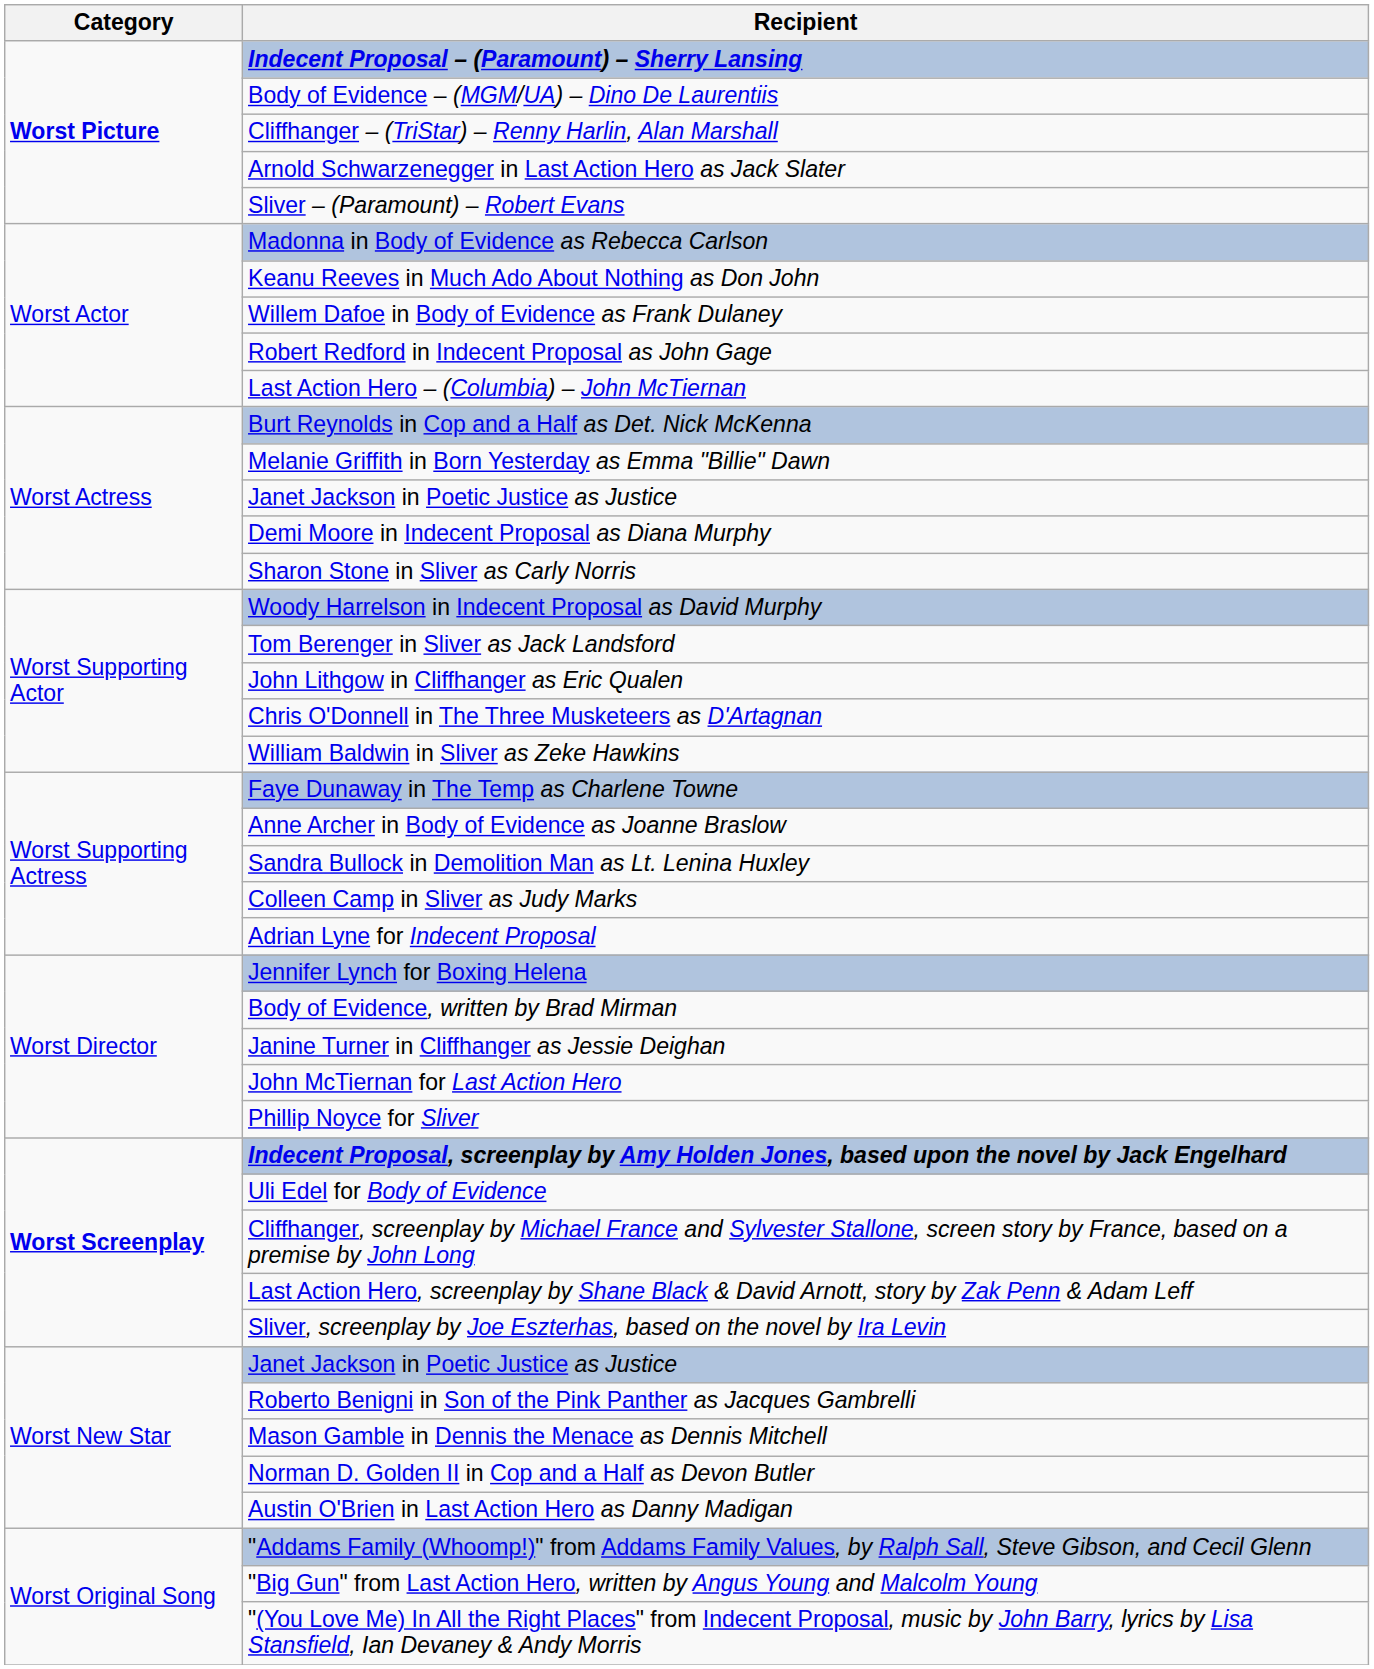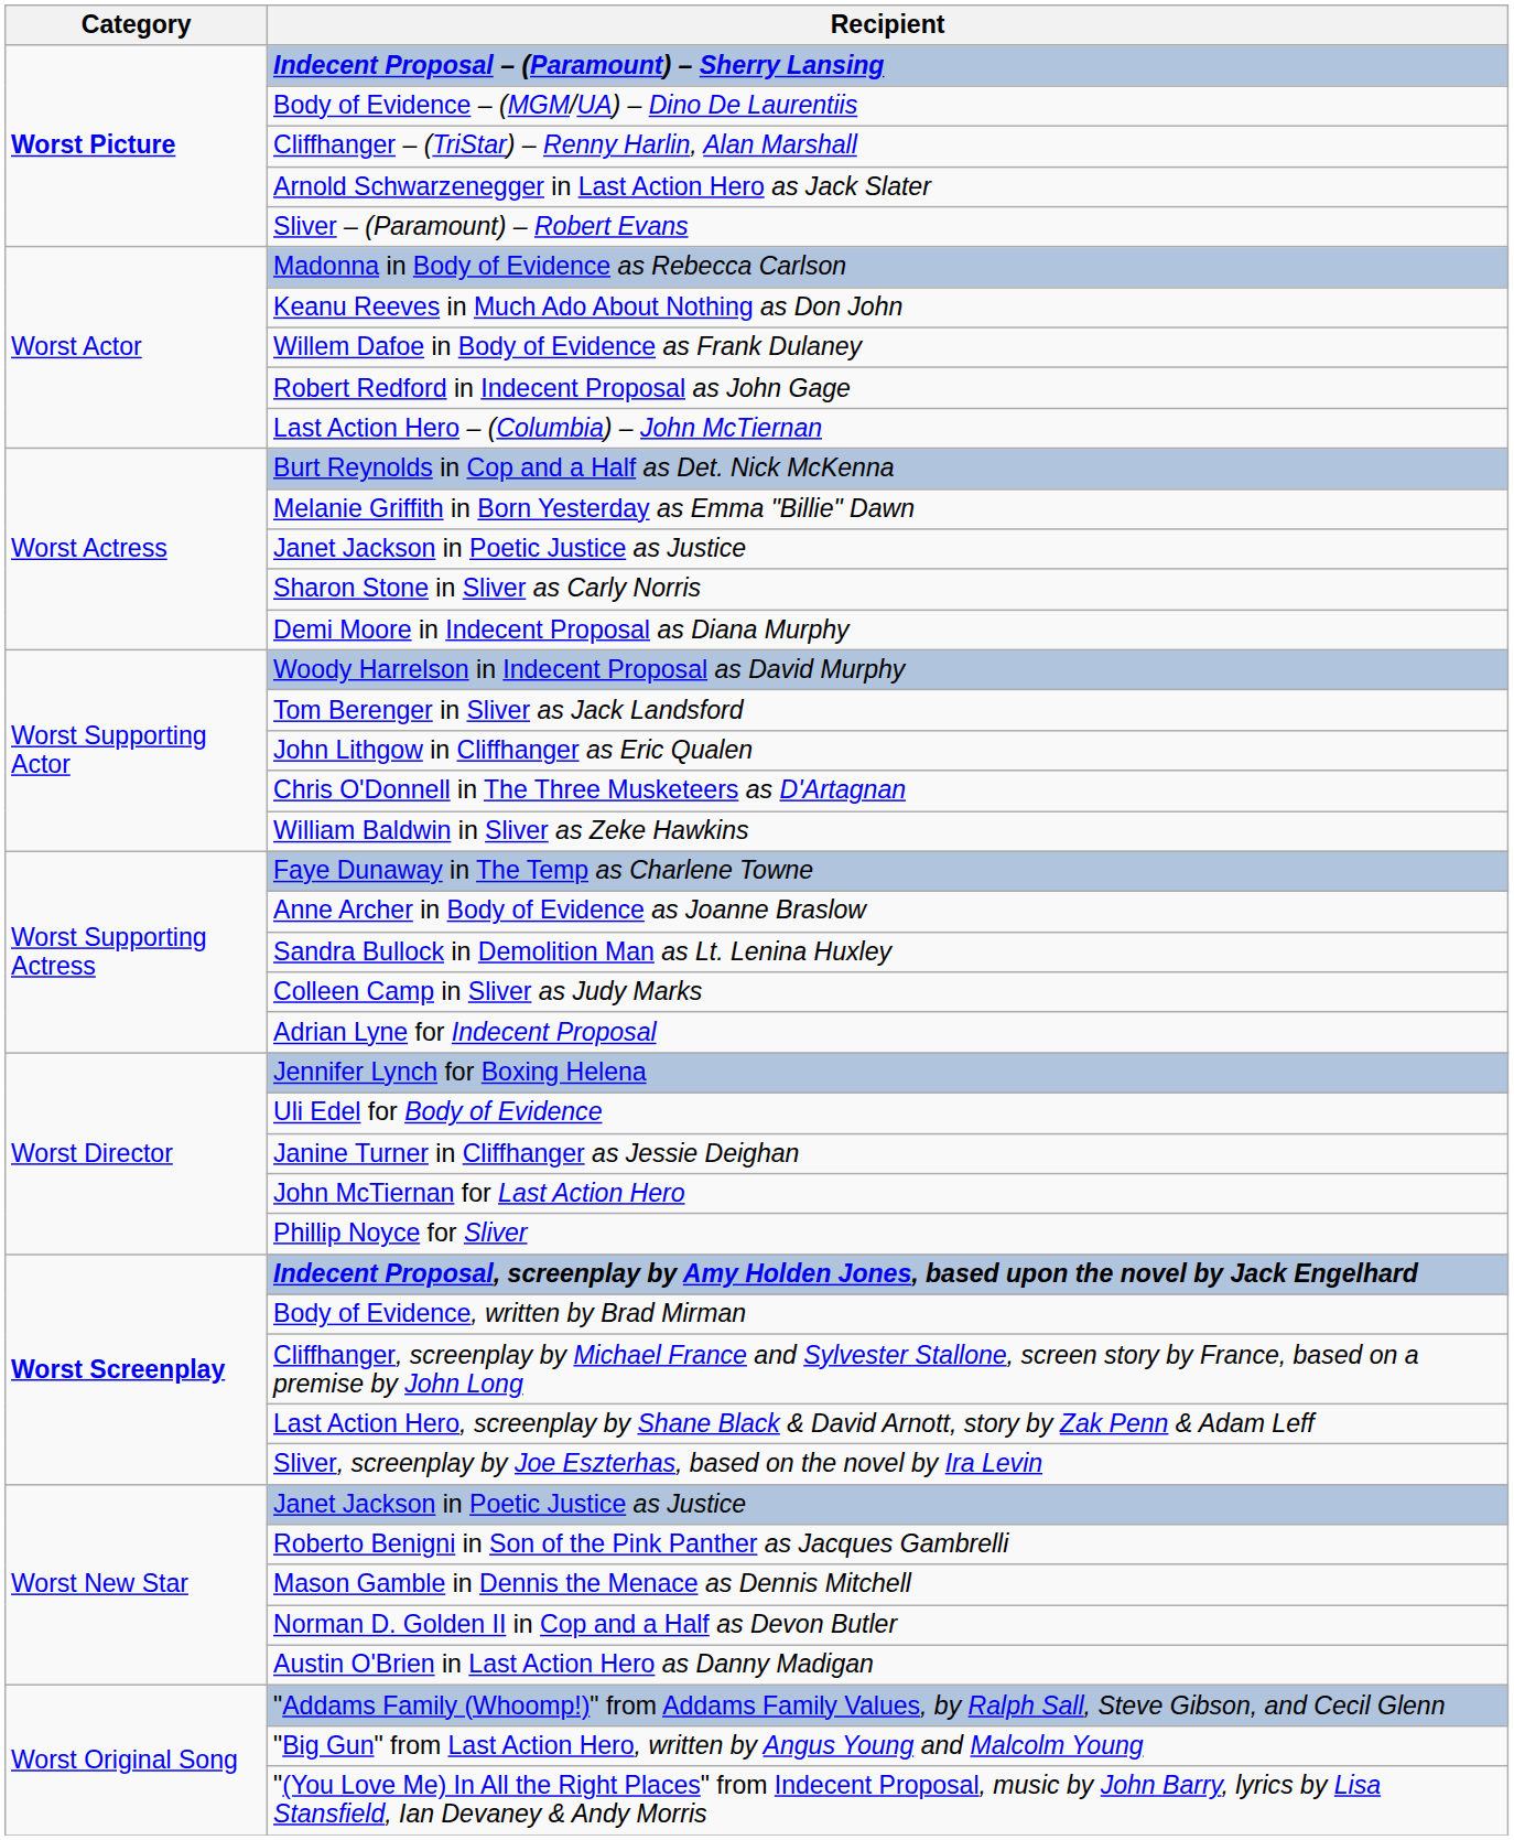 <table class="wikitable" width="75%" align="centre">
 <tr>
 <th>Category</th>
 <th>Recipient</th>
 </tr>
 <tr>
 <td rowspan=5><strong><a href='#'>Worst Picture</a></strong></td>
 <td style="background:#B0C4DE;"><strong><em><a href='#'>Indecent Proposal</a><em> – (<a href='#'>Paramount</a>) – <a href='#'>Sherry Lansing</a><strong></td>
 </tr>
 <tr>
 <td></em><a href='#'>Body of Evidence</a><em> – (<a href='#'>MGM</a>/<a href='#'>UA</a>) – <a href='#'>Dino De Laurentiis</a></td>
 </tr>
 <tr>
 <td></em><a href='#'>Cliffhanger</a><em> – (<a href='#'>TriStar</a>) – <a href='#'>Renny Harlin</a>, <a href='#'>Alan Marshall</a></td>
 </tr>
 <tr>
 <td><a href='#'>Arnold Schwarzenegger</a> in </em><a href='#'>Last Action Hero</a><em> as Jack Slater</td>
 </tr>
 <tr>
 <td></em><a href='#'>Sliver</a><em> – (Paramount) – <a href='#'>Robert Evans</a></td>
 </tr>
 <tr>
 <td rowspan=5></strong><a href='#'>Worst Actor</a><strong></td>
 <td style="background:#B0C4DE;"></strong><a href='#'>Madonna</a> in </em><a href='#'>Body of Evidence</a><em> as Rebecca Carlson<strong></td>
 </tr>
 <tr>
 <td><a href='#'>Keanu Reeves</a> in </em><a href='#'>Much Ado About Nothing</a><em> as Don John</td>
 </tr>
 <tr>
 <td><a href='#'>Willem Dafoe</a> in </em><a href='#'>Body of Evidence</a><em> as Frank Dulaney</td>
 </tr>
 <tr>
 <td><a href='#'>Robert Redford</a> in </em><a href='#'>Indecent Proposal</a><em> as John Gage</td>
 </tr>
 <tr>
 <td></em><a href='#'>Last Action Hero</a><em> – (<a href='#'>Columbia</a>) – <a href='#'>John McTiernan</a></td>
 </tr>
 <tr>
 <td rowspan=5></strong><a href='#'>Worst Actress</a><strong></td>
 <td style="background:#B0C4DE;"></strong><a href='#'>Burt Reynolds</a> in </em><a href='#'>Cop and a Half</a><em> as Det. Nick McKenna<strong></td>
 </tr>
 <tr>
 <td><a href='#'>Melanie Griffith</a> in </em><a href='#'>Born Yesterday</a><em> as Emma "Billie" Dawn</td>
 </tr>
 <tr>
 <td><a href='#'>Janet Jackson</a> in </em><a href='#'>Poetic Justice</a><em> as Justice</td>
 </tr>
 <tr>
-<td><a href='#'>Demi Moore</a> in </em><a href='#'>Indecent Proposal</a><em> as Diana Murphy</td>
+<td><a href='#'>Sharon Stone</a> in </em><a href='#'>Sliver</a><em> as Carly Norris</td>
 </tr>
 <tr>
-<td><a href='#'>Sharon Stone</a> in </em><a href='#'>Sliver</a><em> as Carly Norris</td>
+<td><a href='#'>Demi Moore</a> in </em><a href='#'>Indecent Proposal</a><em> as Diana Murphy</td>
 </tr>
 <tr>
 <td rowspan=5></strong><a href='#'>Worst Supporting Actor</a><strong></td>
 <td style="background:#B0C4DE;"></strong><a href='#'>Woody Harrelson</a> in </em><a href='#'>Indecent Proposal</a><em> as David Murphy<strong></td>
 </tr>
 <tr>
 <td><a href='#'>Tom Berenger</a> in </em><a href='#'>Sliver</a><em> as Jack Landsford</td>
 </tr>
 <tr>
 <td><a href='#'>John Lithgow</a> in </em><a href='#'>Cliffhanger</a><em> as Eric Qualen</td>
 </tr>
 <tr>
 <td><a href='#'>Chris O'Donnell</a> in </em><a href='#'>The Three Musketeers</a><em> as <a href='#'>D'Artagnan</a></td>
 </tr>
 <tr>
 <td><a href='#'>William Baldwin</a> in </em><a href='#'>Sliver</a><em> as Zeke Hawkins</td>
 </tr>
 <tr>
 <td rowspan=5></strong><a href='#'>Worst Supporting Actress</a><strong></td>
 <td style="background:#B0C4DE;"></strong><a href='#'>Faye Dunaway</a> in </em><a href='#'>The Temp</a><em> as Charlene Towne<strong></td>
 </tr>
 <tr>
 <td><a href='#'>Anne Archer</a> in </em><a href='#'>Body of Evidence</a><em> as Joanne Braslow</td>
 </tr>
 <tr>
 <td><a href='#'>Sandra Bullock</a> in </em><a href='#'>Demolition Man</a><em> as Lt. Lenina Huxley</td>
 </tr>
 <tr>
 <td><a href='#'>Colleen Camp</a> in </em><a href='#'>Sliver</a><em> as Judy Marks</td>
 </tr>
 <tr>
 <td><a href='#'>Adrian Lyne</a> for <em><a href='#'>Indecent Proposal</a></em></td>
 </tr>
 <tr>
 <td rowspan=5></strong><a href='#'>Worst Director</a><strong></td>
 <td style="background:#B0C4DE;"></strong><a href='#'>Jennifer Lynch</a> for </em><a href='#'>Boxing Helena</a></em></strong></td>
 </tr>
 <tr>
-<td></em><a href='#'>Body of Evidence</a><em>, written by Brad Mirman</td>
+<td><a href='#'>Uli Edel</a> for <em><a href='#'>Body of Evidence</a></em></td>
 </tr>
 <tr>
 <td><a href='#'>Janine Turner</a> in </em><a href='#'>Cliffhanger</a><em> as Jessie Deighan</td>
 </tr>
 <tr>
 <td><a href='#'>John McTiernan</a> for <em><a href='#'>Last Action Hero</a></em></td>
 </tr>
 <tr>
 <td><a href='#'>Phillip Noyce</a> for <em><a href='#'>Sliver</a></em></td>
 </tr>
 <tr>
 <td rowspan=5><strong><a href='#'>Worst Screenplay</a></strong></td>
 <td style="background:#B0C4DE;"><strong><em><a href='#'>Indecent Proposal</a><em>, screenplay by <a href='#'>Amy Holden Jones</a>, based upon the novel by Jack Engelhard<strong></td>
 </tr>
 <tr>
-<td><a href='#'>Uli Edel</a> for <em><a href='#'>Body of Evidence</a></em></td>
+<td></em><a href='#'>Body of Evidence</a><em>, written by Brad Mirman</td>
 </tr>
 <tr>
 <td></em><a href='#'>Cliffhanger</a><em>, screenplay by <a href='#'>Michael France</a> and <a href='#'>Sylvester Stallone</a>, screen story by France, based on a premise by <a href='#'>John Long</a></td>
 </tr>
 <tr>
 <td></em><a href='#'>Last Action Hero</a><em>, screenplay by <a href='#'>Shane Black</a> & David Arnott, story by <a href='#'>Zak Penn</a> & Adam Leff</td>
 </tr>
 <tr>
 <td></em><a href='#'>Sliver</a><em>, screenplay by <a href='#'>Joe Eszterhas</a>, based on the novel by <a href='#'>Ira Levin</a></td>
 </tr>
 <tr>
 <td rowspan=5></strong><a href='#'>Worst New Star</a><strong></td>
 <td style="background:#B0C4DE;"></strong><a href='#'>Janet Jackson</a> in </em><a href='#'>Poetic Justice</a><em> as Justice<strong></td>
 </tr>
 <tr>
 <td><a href='#'>Roberto Benigni</a> in </em><a href='#'>Son of the Pink Panther</a><em> as Jacques Gambrelli</td>
 </tr>
 <tr>
 <td><a href='#'>Mason Gamble</a> in </em><a href='#'>Dennis the Menace</a><em> as Dennis Mitchell</td>
 </tr>
 <tr>
 <td><a href='#'>Norman D. Golden II</a> in </em><a href='#'>Cop and a Half</a><em> as Devon Butler</td>
 </tr>
 <tr>
 <td><a href='#'>Austin O'Brien</a> in </em><a href='#'>Last Action Hero</a><em> as Danny Madigan</td>
 </tr>
 <tr>
 <td rowspan=3></strong><a href='#'>Worst Original Song</a><strong></td>
 <td style="background:#B0C4DE;"></strong>"<a href='#'>Addams Family (Whoomp!)</a>" from </em><a href='#'>Addams Family Values</a><em>, by <a href='#'>Ralph Sall</a>, Steve Gibson, and Cecil Glenn<strong></td>
 </tr>
 <tr>
 <td>"<a href='#'>Big Gun</a>" from </em><a href='#'>Last Action Hero</a><em>, written by <a href='#'>Angus Young</a> and <a href='#'>Malcolm Young</a></td>
 </tr>
 <tr>
 <td>"<a href='#'>(You Love Me) In All the Right Places</a>" from </em><a href='#'>Indecent Proposal</a><em>, music by <a href='#'>John Barry</a>, lyrics by <a href='#'>Lisa Stansfield</a>, Ian Devaney & Andy Morris</td>
 </tr>
 </table>
